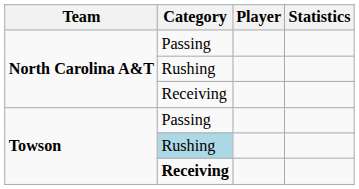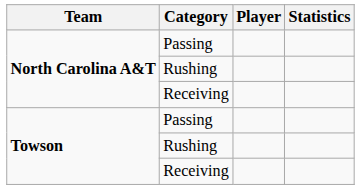 <table class="wikitable" style="float: right;">
 <tr>
 <th>Team</th>
 <th>Category</th>
 <th>Player</th>
 <th>Statistics</th>
 </tr>
 <tr>
 <td rowspan=3><strong>North Carolina A&T</strong></td>
 <td>Passing</td>
 <td></td>
 <td></td>
 </tr>
 <tr>
 <td>Rushing</td>
 <td></td>
 <td></td>
 </tr>
 <tr>
 <td>Receiving</td>
 <td></td>
 <td></td>
 </tr>
 <tr>
 <td rowspan=3><strong>Towson</strong></td>
 <td>Passing</td>
 <td></td>
 <td></td>
 </tr>
 <tr>
-<td style="background: lightblue;">Rushing</td>
+<td>Rushing</td>
 <td></td>
 <td></td>
 </tr>
 <tr>
-<td><strong>Receiving</strong></td>
+<td>Receiving</td>
 <td></td>
 <td></td>
 </tr>
 </table>
